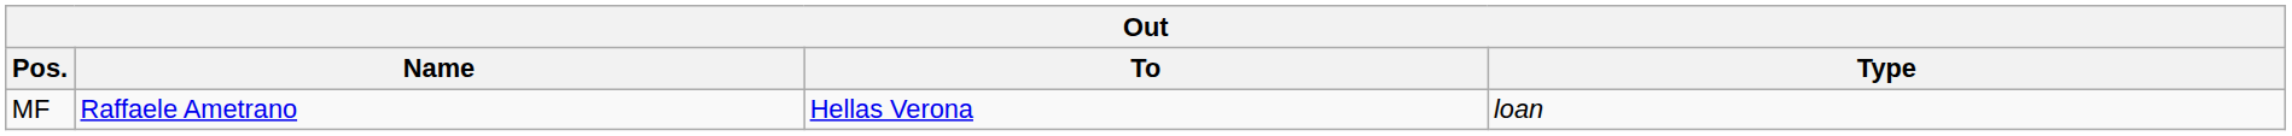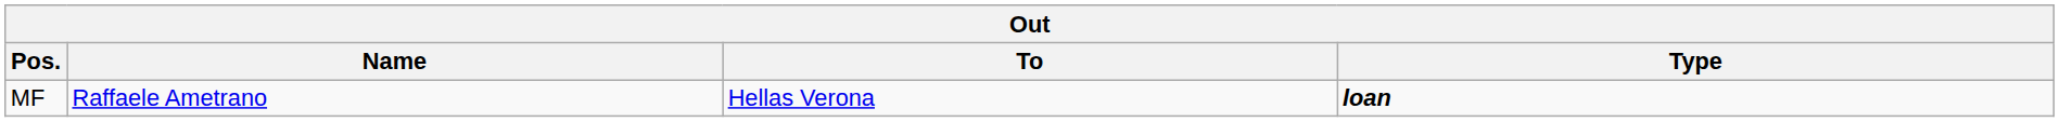 <table class="wikitable" style="font-size:90%;width:99%;">
 <tr>
 <th colspan="4">Out</th>
 </tr>
 <tr>
 <th width=3%>Pos.</th>
 <th width=32%>Name</th>
 <th width=30%>To</th>
 <th width=35%>Type</th>
 </tr>
 <tr>
 <td>MF</td>
 <td><a href='#'>Raffaele Ametrano</a></td>
 <td><a href='#'>Hellas Verona</a></td>
-<td><em>loan</em></td>
+<td><strong><em>loan</em></strong></td>
 </tr>
 </table>
